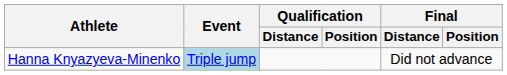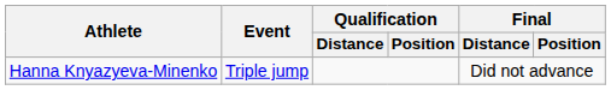 <table class="wikitable" style="font-size:90%; text-align:center;">
 <tr>
 <th rowspan=2>Athlete</th>
 <th rowspan=2>Event</th>
 <th colspan=2>Qualification</th>
 <th colspan=2>Final</th>
 </tr>
 <tr style=font-size:95%>
 <th>Distance</th>
 <th>Position</th>
 <th>Distance</th>
 <th>Position</th>
 </tr>
 <tr>
 <td align=left><a href='#'>Hanna Knyazyeva-Minenko</a></td>
-<td align=left style="background: lightblue;"><a href='#'>Triple jump</a></td>
+<td align=left><a href='#'>Triple jump</a></td>
 <td colspan=2></td>
 <td colspan=2>Did not advance</td>
 </tr>
 </table>
